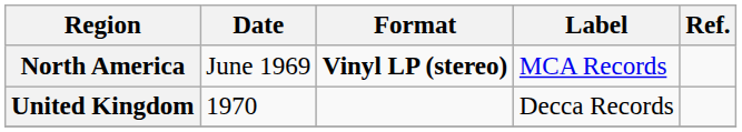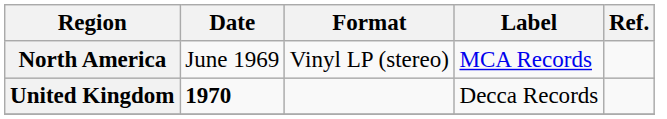 <table class="wikitable plainrowheaders">
 <tr>
 <th scope="col">Region</th>
 <th scope="col">Date</th>
 <th scope="col">Format</th>
 <th scope="col">Label</th>
 <th scope="col">Ref.</th>
 </tr>
 <tr>
 <th scope="row">North America</th>
 <td>June 1969</td>
-<td><strong>Vinyl LP (stereo)</strong></td>
+<td>Vinyl LP (stereo)</td>
 <td><a href='#'>MCA Records</a></td>
 <td></td>
 </tr>
 <tr>
 <th scope="row">United Kingdom</th>
-<td>1970</td>
+<td><strong>1970</strong></td>
 <td></td>
 <td>Decca Records</td>
 <td></td>
 </tr>
 <tr>
 </tr>
 </table>
